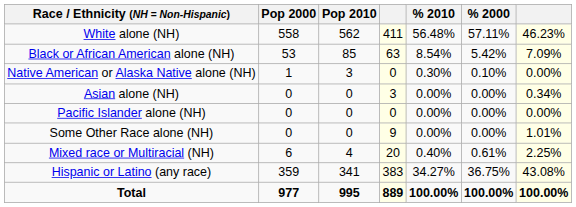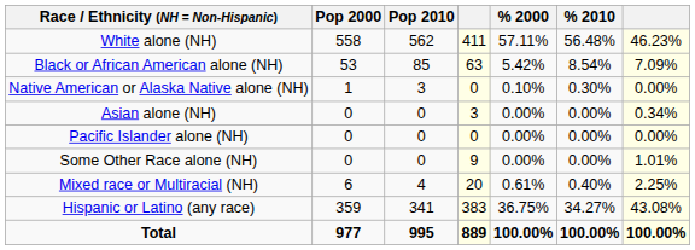 <table class="wikitable" style="text-align:center;">
 <tr>
 <th>Race / Ethnicity <small>(<em>NH = Non-Hispanic</em>)</small></th>
 <th>Pop 2000</th>
 <th>Pop 2010</th>
 <th></th>
+<th>% 2000</th>
 <th>% 2010</th>
-<th>% 2000</th>
 <th></th>
 </tr>
 <tr>
 <td><a href='#'>White</a> alone (NH)</td>
 <td>558</td>
 <td>562</td>
 <td style='background: #ffffe6;'>411</td>
+<td>57.11%</td>
 <td>56.48%</td>
-<td>57.11%</td>
 <td style='background: #ffffe6;'>46.23%</td>
 </tr>
 <tr>
 <td><a href='#'>Black or African American</a> alone (NH)</td>
 <td>53</td>
 <td>85</td>
 <td style='background: #ffffe6;'>63</td>
+<td>5.42%</td>
 <td>8.54%</td>
-<td>5.42%</td>
 <td style='background: #ffffe6;'>7.09%</td>
 </tr>
 <tr>
 <td><a href='#'>Native American</a> or <a href='#'>Alaska Native</a> alone (NH)</td>
 <td>1</td>
 <td>3</td>
 <td style='background: #ffffe6;'>0</td>
+<td>0.10%</td>
 <td>0.30%</td>
-<td>0.10%</td>
 <td style='background: #ffffe6;'>0.00%</td>
 </tr>
 <tr>
 <td><a href='#'>Asian</a> alone (NH)</td>
 <td>0</td>
 <td>0</td>
 <td style='background: #ffffe6;'>3</td>
 <td>0.00%</td>
 <td>0.00%</td>
 <td style='background: #ffffe6;'>0.34%</td>
 </tr>
 <tr>
 <td><a href='#'>Pacific Islander</a> alone (NH)</td>
 <td>0</td>
 <td>0</td>
 <td style='background: #ffffe6;'>0</td>
 <td>0.00%</td>
 <td>0.00%</td>
 <td style='background: #ffffe6;'>0.00%</td>
 </tr>
 <tr>
 <td>Some Other Race alone (NH)</td>
 <td>0</td>
 <td>0</td>
 <td style='background: #ffffe6;'>9</td>
 <td>0.00%</td>
 <td>0.00%</td>
 <td style='background: #ffffe6;'>1.01%</td>
 </tr>
 <tr>
 <td><a href='#'>Mixed race or Multiracial</a> (NH)</td>
 <td>6</td>
 <td>4</td>
 <td style='background: #ffffe6;'>20</td>
+<td>0.61%</td>
 <td>0.40%</td>
-<td>0.61%</td>
 <td style='background: #ffffe6;'>2.25%</td>
 </tr>
 <tr>
 <td><a href='#'>Hispanic or Latino</a> (any race)</td>
 <td>359</td>
 <td>341</td>
 <td style='background: #ffffe6;'>383</td>
+<td>36.75%</td>
 <td>34.27%</td>
-<td>36.75%</td>
 <td style='background: #ffffe6;'>43.08%</td>
 </tr>
 <tr>
 <td><strong>Total</strong></td>
 <td><strong>977</strong></td>
 <td><strong>995</strong></td>
 <td style='background: #ffffe6;'><strong>889</strong></td>
 <td><strong>100.00%</strong></td>
 <td><strong>100.00%</strong></td>
 <td style='background: #ffffe6;'><strong>100.00%</strong></td>
 </tr>
 </table>
